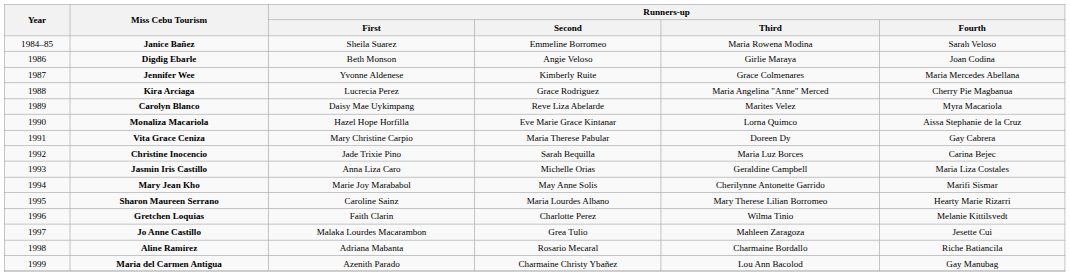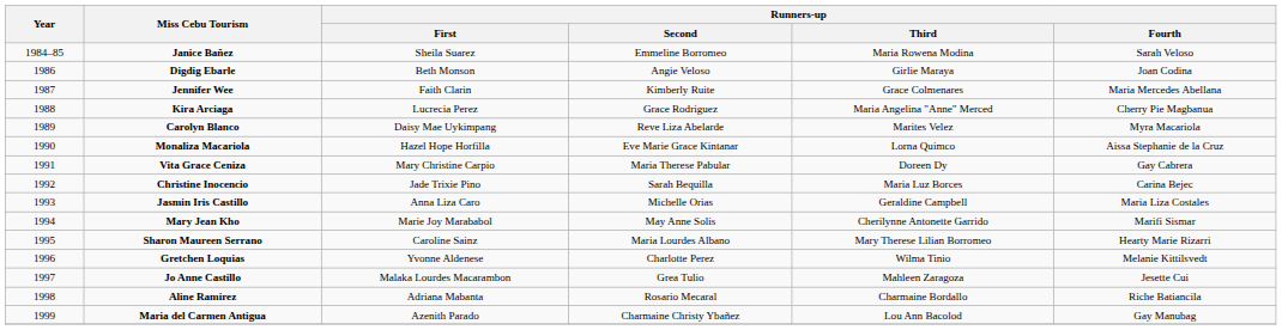 <table class="wikitable" style="text-align:center; font-size:85%; line-height:17px; width:100%;">
 <tr>
 <th rowspan="2">Year</th>
 <th rowspan="2">Miss Cebu Tourism</th>
 <th colspan="4">Runners-up</th>
 </tr>
 <tr>
 <th>First</th>
 <th>Second</th>
 <th>Third</th>
 <th>Fourth</th>
 </tr>
 <tr>
 <td>1984–85</td>
 <td><strong>Janice Bañez</strong></td>
 <td>Sheila Suarez</td>
 <td>Emmeline Borromeo</td>
 <td>Maria Rowena Modina</td>
 <td>Sarah Veloso</td>
 </tr>
 <tr>
 <td>1986</td>
 <td><strong>Digdig Ebarle</strong></td>
 <td>Beth Monson</td>
 <td>Angie Veloso</td>
 <td>Girlie Maraya</td>
 <td>Joan Codina</td>
 </tr>
 <tr>
 <td>1987</td>
 <td><strong>Jennifer Wee</strong></td>
-<td>Yvonne Aldenese</td>
+<td>Faith Clarin</td>
 <td>Kimberly Ruite</td>
 <td>Grace Colmenares</td>
 <td>Maria Mercedes Abellana</td>
 </tr>
 <tr>
 <td>1988</td>
 <td><strong>Kira Arciaga</strong></td>
 <td>Lucrecia Perez</td>
 <td>Grace Rodriguez</td>
 <td>Maria Angelina "Anne" Merced</td>
 <td>Cherry Pie Magbanua</td>
 </tr>
 <tr>
 <td>1989</td>
 <td><strong>Carolyn Blanco</strong></td>
 <td>Daisy Mae Uykimpang</td>
 <td>Reve Liza Abelarde</td>
 <td>Marites Velez</td>
 <td>Myra Macariola</td>
 </tr>
 <tr>
 <td>1990</td>
 <td><strong>Monaliza Macariola</strong></td>
 <td>Hazel Hope Horfilla</td>
 <td>Eve Marie Grace Kintanar</td>
 <td>Lorna Quimco</td>
 <td>Aissa Stephanie de la Cruz</td>
 </tr>
 <tr>
 <td>1991</td>
 <td><strong>Vita Grace Ceniza</strong></td>
 <td>Mary Christine Carpio</td>
 <td>Maria Therese Pabular</td>
 <td>Doreen Dy</td>
 <td>Gay Cabrera</td>
 </tr>
 <tr>
 <td>1992</td>
 <td><strong>Christine Inocencio</strong></td>
 <td>Jade Trixie Pino</td>
 <td>Sarah Bequilla</td>
 <td>Maria Luz Borces</td>
 <td>Carina Bejec</td>
 </tr>
 <tr>
 <td>1993</td>
 <td><strong>Jasmin Iris Castillo</strong></td>
 <td>Anna Liza Caro</td>
 <td>Michelle Orias</td>
 <td>Geraldine Campbell</td>
 <td>Maria Liza Costales</td>
 </tr>
 <tr>
 <td>1994</td>
 <td><strong>Mary Jean Kho</strong></td>
 <td>Marie Joy Marababol</td>
 <td>May Anne Solis</td>
 <td>Cherilynne Antonette Garrido</td>
 <td>Marifi Sismar</td>
 </tr>
 <tr>
 <td>1995</td>
 <td><strong>Sharon Maureen Serrano</strong></td>
 <td>Caroline Sainz</td>
 <td>Maria Lourdes Albano</td>
 <td>Mary Therese Lilian Borromeo</td>
 <td>Hearty Marie Rizarri</td>
 </tr>
 <tr>
 <td>1996</td>
 <td><strong>Gretchen Loquias</strong></td>
-<td>Faith Clarin</td>
+<td>Yvonne Aldenese</td>
 <td>Charlotte Perez</td>
 <td>Wilma Tinio</td>
 <td>Melanie Kittilsvedt</td>
 </tr>
 <tr>
 <td>1997</td>
 <td><strong>Jo Anne Castillo</strong></td>
 <td>Malaka Lourdes Macarambon</td>
 <td>Grea Tulio</td>
 <td>Mahleen Zaragoza</td>
 <td>Jesette Cui</td>
 </tr>
 <tr>
 <td>1998</td>
 <td><strong>Aline Ramirez</strong></td>
 <td>Adriana Mabanta</td>
 <td>Rosario Mecaral</td>
 <td>Charmaine Bordallo</td>
 <td>Riche Batiancila</td>
 </tr>
 <tr>
 <td>1999</td>
 <td><strong>Maria del Carmen Antigua</strong></td>
 <td>Azenith Parado</td>
 <td>Charmaine Christy Ybañez</td>
 <td>Lou Ann Bacolod</td>
 <td>Gay Manubag</td>
 </tr>
 <tr>
 </tr>
 </table>
